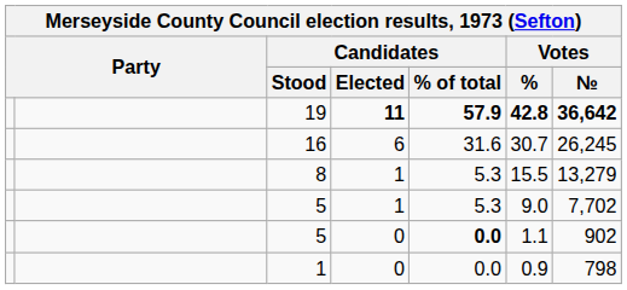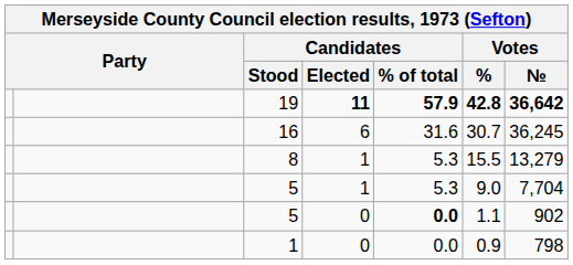 <table class="wikitable" style="font-size:95%">
 <tr>
 <th colspan="16" style="background-color:#f2f2f2">Merseyside County Council election results, 1973 (<a href='#'>Sefton</a>)</th>
 </tr>
 <tr style="vertical-align:center;">
 <th colspan="2" rowspan="2">Party</th>
 <th colspan="3" style="width: 30px">Candidates</th>
 <th colspan="2" style="width: 30px">Votes</th>
 </tr>
 <tr>
 <th>Stood</th>
 <th>Elected</th>
 <th>% of total</th>
 <th>%</th>
 <th>№</th>
 </tr>
 <tr>
 <td style="background-color: "></td>
 <td style="width: 190px"><a href='#'></a></td>
 <td style="text-align:right; ">19</td>
 <td style="text-align:right; "><strong>11</strong></td>
 <td style="text-align:right; "><strong>57.9</strong></td>
 <td style="text-align:right; "><strong>42.8</strong></td>
 <td style="text-align:right; "><strong>36,642</strong></td>
 </tr>
 <tr>
 <td style="background-color: "></td>
 <td style="width: 190px"><a href='#'></a></td>
 <td style="text-align:right; ">16</td>
 <td style="text-align:right; ">6</td>
 <td style="text-align:right; ">31.6</td>
 <td style="text-align:right; ">30.7</td>
-<td style="text-align:right; ">26,245</td>
+<td style="text-align:right; ">36,245</td>
 </tr>
 <tr>
 <td style="background-color: "></td>
 <td style="width: 190px"><a href='#'></a></td>
 <td style="text-align:right; ">8</td>
 <td style="text-align:right; ">1</td>
 <td style="text-align:right; ">5.3</td>
 <td style="text-align:right; ">15.5</td>
 <td style="text-align:right; ">13,279</td>
 </tr>
 <tr>
 <td style="background-color: "></td>
 <td style="width: 190px"><a href='#'></a></td>
 <td style="text-align:right; ">5</td>
 <td style="text-align:right; ">1</td>
 <td style="text-align:right; ">5.3</td>
 <td style="text-align:right; ">9.0</td>
-<td style="text-align:right; ">7,702</td>
+<td style="text-align:right; ">7,704</td>
 </tr>
 <tr>
 <td style="background-color: "></td>
 <td style="width: 190px"><a href='#'></a></td>
 <td style="text-align:right; ">5</td>
 <td style="text-align:right; ">0</td>
 <td style="text-align:right; "><strong>0.0</strong></td>
 <td style="text-align:right; ">1.1</td>
 <td style="text-align:right; ">902</td>
 </tr>
 <tr>
 <td style="background-color: "></td>
 <td style="width: 190px"><a href='#'></a></td>
 <td style="text-align:right; ">1</td>
 <td style="text-align:right; ">0</td>
 <td style="text-align:right; ">0.0</td>
 <td style="text-align:right; ">0.9</td>
 <td style="text-align:right; ">798</td>
 </tr>
 </table>
